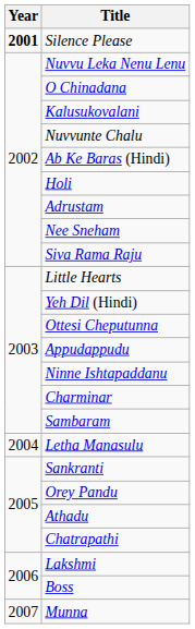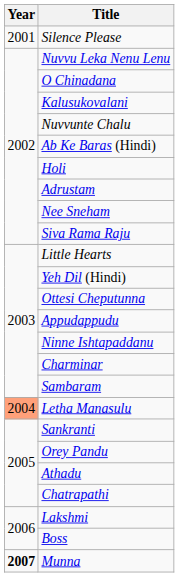 <table class="wikitable sortable">
 <tr>
 <th>Year</th>
 <th>Title</th>
 </tr>
 <tr>
-<td><strong>2001</strong></td>
+<td>2001</td>
 <td><em>Silence Please</em></td>
 </tr>
 <tr>
 <td rowspan="9">2002</td>
 <td><em><a href='#'>Nuvvu Leka Nenu Lenu</a></em></td>
 </tr>
 <tr>
 <td><em><a href='#'>O Chinadana</a></em></td>
 </tr>
 <tr>
 <td><em><a href='#'>Kalusukovalani</a></em></td>
 </tr>
 <tr>
 <td><em>Nuvvunte Chalu</em></td>
 </tr>
 <tr>
 <td><em><a href='#'>Ab Ke Baras</a></em> (Hindi)</td>
 </tr>
 <tr>
 <td><em><a href='#'>Holi</a></em></td>
 </tr>
 <tr>
 <td><em><a href='#'>Adrustam</a></em></td>
 </tr>
 <tr>
 <td><em><a href='#'>Nee Sneham</a></em></td>
 </tr>
 <tr>
 <td><em><a href='#'>Siva Rama Raju</a></em></td>
 </tr>
 <tr>
 <td rowspan="7">2003</td>
 <td><em>Little Hearts</em></td>
 </tr>
 <tr>
 <td><em><a href='#'>Yeh Dil</a></em> (Hindi)</td>
 </tr>
 <tr>
 <td><em><a href='#'>Ottesi Cheputunna</a></em></td>
 </tr>
 <tr>
 <td><em><a href='#'>Appudappudu</a></em></td>
 </tr>
 <tr>
 <td><em><a href='#'>Ninne Ishtapaddanu</a></em></td>
 </tr>
 <tr>
 <td><em><a href='#'>Charminar</a></em></td>
 </tr>
 <tr>
 <td><em><a href='#'>Sambaram</a></em></td>
 </tr>
 <tr>
-<td>2004</td>
+<td style="background: lightsalmon;">2004</td>
 <td><em><a href='#'>Letha Manasulu</a></em></td>
 </tr>
 <tr>
 <td rowspan="4">2005</td>
 <td><em><a href='#'>Sankranti</a></em></td>
 </tr>
 <tr>
 <td><em><a href='#'>Orey Pandu</a></em></td>
 </tr>
 <tr>
 <td><em><a href='#'>Athadu</a></em></td>
 </tr>
 <tr>
 <td><em><a href='#'>Chatrapathi</a></em></td>
 </tr>
 <tr>
 <td rowspan="2">2006</td>
 <td><em><a href='#'>Lakshmi</a></em></td>
 </tr>
 <tr>
 <td><em><a href='#'>Boss</a></em></td>
 </tr>
 <tr>
-<td>2007</td>
+<td><strong>2007</strong></td>
 <td><em><a href='#'>Munna</a></em></td>
 </tr>
 </table>
